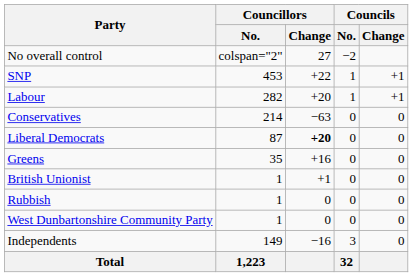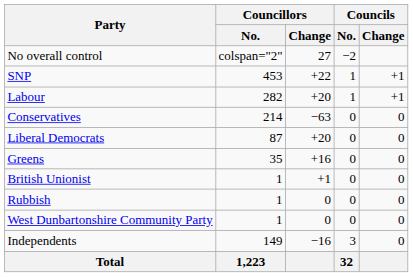 <table class="wikitable"  style="text-align:right;">
 <tr>
 <th rowspan=2>Party</th>
 <th colspan=2>Councillors</th>
 <th colspan=2>Councils</th>
 </tr>
 <tr>
 <th>No.</th>
 <th>Change</th>
 <th>No.</th>
 <th>Change</th>
 </tr>
 <tr>
 <td style="text-align:left;">No overall control</td>
 <td>colspan="2" </td>
 <td>27</td>
 <td>−2</td>
 </tr>
 <tr>
 <td style="text-align:left;"><a href='#'>SNP</a></td>
 <td>453</td>
 <td>+22</td>
 <td>1</td>
 <td>+1</td>
 </tr>
 <tr>
 <td style="text-align:left;"><a href='#'>Labour</a></td>
 <td>282</td>
 <td>+20</td>
 <td>1</td>
 <td>+1</td>
 </tr>
 <tr>
 <td style="text-align:left;"><a href='#'>Conservatives</a></td>
 <td>214</td>
 <td>−63</td>
 <td>0</td>
 <td>0</td>
 </tr>
 <tr>
 <td style="text-align:left;"><a href='#'>Liberal Democrats</a></td>
 <td>87</td>
-<td><strong>+20</strong></td>
+<td>+20</td>
 <td>0</td>
 <td>0</td>
 </tr>
 <tr>
 <td style="text-align:left;"><a href='#'>Greens</a></td>
 <td>35</td>
 <td>+16</td>
 <td>0</td>
 <td>0</td>
 </tr>
 <tr>
 <td style="text-align:left;"><a href='#'>British Unionist</a></td>
 <td>1</td>
 <td>+1</td>
 <td>0</td>
 <td>0</td>
 </tr>
 <tr>
 <td style="text-align:left;"><a href='#'>Rubbish</a></td>
 <td>1</td>
 <td>0</td>
 <td>0</td>
 <td>0</td>
 </tr>
 <tr>
 <td style="text-align:left;"><a href='#'>West Dunbartonshire Community Party</a></td>
 <td>1</td>
 <td>0</td>
 <td>0</td>
 <td>0</td>
 </tr>
 <tr>
 <td style="text-align:left;">Independents</td>
 <td>149</td>
 <td>−16</td>
 <td>3</td>
 <td>0</td>
 </tr>
 <tr>
 <th>Total</th>
 <th>1,223</th>
 <th></th>
 <th>32</th>
 <th></th>
 </tr>
 </table>
